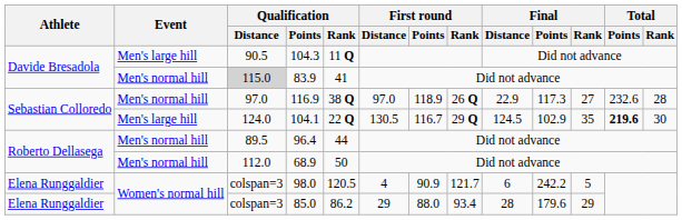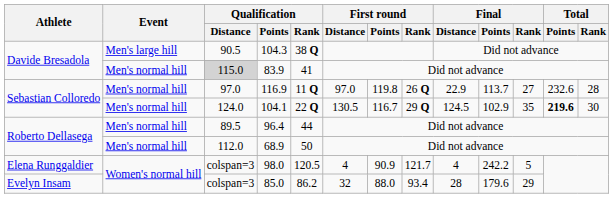 <table class="wikitable" style="font-size:90%">
 <tr>
 <th rowspan=2>Athlete</th>
 <th rowspan=2>Event</th>
 <th colspan=3>Qualification</th>
 <th colspan=3>First round</th>
 <th colspan=3>Final</th>
 <th colspan=2>Total</th>
 </tr>
 <tr style="font-size:95%">
 <th>Distance</th>
 <th>Points</th>
 <th>Rank</th>
 <th>Distance</th>
 <th>Points</th>
 <th>Rank</th>
 <th>Distance</th>
 <th>Points</th>
 <th>Rank</th>
 <th>Points</th>
 <th>Rank</th>
 </tr>
 <tr align=center>
 <td align=left rowspan=2><a href='#'>Davide Bresadola</a></td>
 <td align=left><a href='#'>Men's large hill</a></td>
 <td>90.5</td>
 <td>104.3</td>
-<td>11 <strong>Q</strong></td>
+<td>38 <strong>Q</strong></td>
 <td colspan=3></td>
 <td colspan=5>Did not advance</td>
 </tr>
 <tr align=center>
 <td align=left><a href='#'>Men's normal hill</a></td>
 <td style="background: lightgrey;">115.0</td>
 <td>83.9</td>
 <td>41</td>
 <td colspan=8>Did not advance</td>
 </tr>
 <tr align=center>
 <td align=left rowspan=2><a href='#'>Sebastian Colloredo</a></td>
 <td align=left><a href='#'>Men's normal hill</a></td>
 <td>97.0</td>
 <td>116.9</td>
-<td>38 <strong>Q</strong></td>
+<td>11 <strong>Q</strong></td>
 <td>97.0</td>
-<td>118.9</td>
+<td>119.8</td>
 <td>26 <strong>Q</strong></td>
 <td>22.9</td>
-<td>117.3</td>
+<td>113.7</td>
 <td>27</td>
 <td>232.6</td>
 <td>28</td>
 </tr>
 <tr align=center>
-<td align=left><a href='#'>Men's large hill</a></td>
+<td align=left><a href='#'>Men's normal hill</a></td>
 <td>124.0</td>
 <td>104.1</td>
 <td>22 <strong>Q</strong></td>
 <td>130.5</td>
 <td>116.7</td>
 <td>29 <strong>Q</strong></td>
 <td>124.5</td>
 <td>102.9</td>
 <td>35</td>
 <td><strong>219.6</strong></td>
 <td>30</td>
 </tr>
 <tr align=center>
 <td align=left rowspan=2><a href='#'>Roberto Dellasega</a></td>
 <td align=left><a href='#'>Men's normal hill</a></td>
 <td>89.5</td>
 <td>96.4</td>
 <td>44</td>
 <td colspan=8>Did not advance</td>
 </tr>
 <tr align=center>
 <td align=left><a href='#'>Men's normal hill</a></td>
 <td>112.0</td>
 <td>68.9</td>
 <td>50</td>
 <td colspan=8>Did not advance</td>
 </tr>
 <tr align=center>
 <td align=left><a href='#'>Elena Runggaldier</a></td>
 <td align=left rowspan=2><a href='#'>Women's normal hill</a></td>
 <td>colspan=3 </td>
 <td>98.0</td>
 <td>120.5</td>
 <td>4</td>
 <td>90.9</td>
 <td>121.7</td>
-<td>6</td>
+<td>4</td>
 <td>242.2</td>
 <td>5</td>
 </tr>
 <tr align=center>
-<td align=left><a href='#'>Elena Runggaldier</a></td>
+<td align=left><a href='#'>Evelyn Insam</a></td>
 <td>colspan=3 </td>
 <td>85.0</td>
 <td>86.2</td>
-<td>29</td>
+<td>32</td>
 <td>88.0</td>
 <td>93.4</td>
 <td>28</td>
 <td>179.6</td>
 <td>29</td>
 </tr>
 </table>
